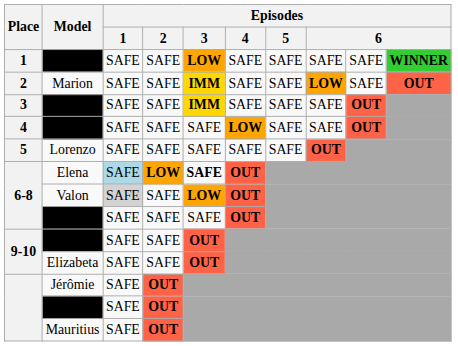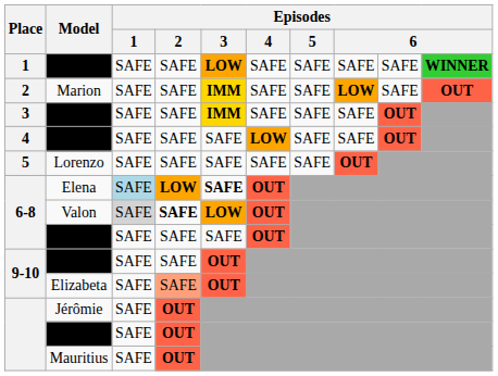 <table class="wikitable" style="text-align:center; font-size:92%">
 <tr>
 <th rowspan="2">Place</th>
 <th rowspan="2">Model</th>
 <th colspan="20">Episodes</th>
 </tr>
 <tr>
 <th>1</th>
 <th>2</th>
 <th>3</th>
 <th>4</th>
 <th>5</th>
 <th colspan="3">6</th>
 </tr>
 <tr>
 <th>1</th>
 <td style="background:black"></td>
 <td>SAFE</td>
 <td>SAFE</td>
 <td bgcolor="orange"><strong>LOW</strong></td>
 <td>SAFE</td>
 <td>SAFE</td>
 <td>SAFE</td>
 <td>SAFE</td>
 <td style="background:limegreen;"><strong>WINNER</strong></td>
 </tr>
 <tr>
 <th>2</th>
 <td>Marion</td>
 <td>SAFE</td>
 <td>SAFE</td>
 <td style="background:gold;"><strong>IMM</strong></td>
 <td>SAFE</td>
 <td>SAFE</td>
 <td bgcolor="orange"><strong>LOW</strong></td>
 <td>SAFE</td>
 <td style="background:tomato;"><strong>OUT</strong></td>
 </tr>
 <tr>
 <th>3</th>
 <td style="background:black"></td>
 <td>SAFE</td>
 <td>SAFE</td>
 <td style="background:gold;"><strong>IMM</strong></td>
 <td>SAFE</td>
 <td>SAFE</td>
 <td>SAFE</td>
 <td style="background:tomato;"><strong>OUT</strong></td>
 <td style="background:darkgrey;"></td>
 </tr>
 <tr>
 <th>4</th>
 <td style="background:black"></td>
 <td>SAFE</td>
 <td>SAFE</td>
 <td>SAFE</td>
 <td bgcolor="orange"><strong>LOW</strong></td>
 <td>SAFE</td>
 <td>SAFE</td>
 <td style="background:tomato;"><strong>OUT</strong></td>
 <td style="background:darkgrey;"></td>
 </tr>
 <tr>
 <th>5</th>
 <td>Lorenzo</td>
 <td>SAFE</td>
 <td>SAFE</td>
 <td>SAFE</td>
 <td>SAFE</td>
 <td>SAFE</td>
 <td style="background:tomato;"><strong>OUT</strong></td>
 <td colspan="25" style="background:darkgrey"></td>
 </tr>
 <tr>
 <th rowspan="3">6-8</th>
 <td>Elena</td>
 <td style="background: lightblue;">SAFE</td>
 <td bgcolor="orange"><strong>LOW</strong></td>
 <td><strong>SAFE</strong></td>
 <td style="background:tomato;"><strong>OUT</strong></td>
 <td colspan="25" style="background:darkgrey"></td>
 </tr>
 <tr>
 <td>Valon</td>
 <td style="background: lightgrey;">SAFE</td>
-<td>SAFE</td>
+<td><strong>SAFE</strong></td>
 <td bgcolor="orange"><strong>LOW</strong></td>
 <td style="background:tomato;"><strong>OUT</strong></td>
 <td colspan="25" style="background:darkgrey"></td>
 </tr>
 <tr>
 <td style="background:black"></td>
 <td>SAFE</td>
 <td>SAFE</td>
 <td>SAFE</td>
 <td style="background:tomato;"><strong>OUT</strong></td>
 <td colspan="25" style="background:darkgrey"></td>
 </tr>
 <tr>
 <th rowspan="2">9-10</th>
 <td style="background:black"></td>
 <td>SAFE</td>
 <td>SAFE</td>
 <td style="background:tomato;"><strong>OUT</strong></td>
 <td colspan="25" style="background:darkgrey"></td>
 </tr>
 <tr>
 <td>Elizabeta</td>
 <td>SAFE</td>
-<td>SAFE</td>
+<td style="background: lightsalmon;">SAFE</td>
 <td style="background:tomato;"><strong>OUT</strong></td>
 <td colspan="25" style="background:darkgrey"></td>
 </tr>
 <tr>
 <th rowspan="3"></th>
 <td>Jérômie</td>
 <td>SAFE</td>
 <td style="background:tomato;"><strong>OUT</strong></td>
 <td colspan="25" style="background:darkgrey"></td>
 </tr>
 <tr>
 <td style="background:black"></td>
 <td>SAFE</td>
 <td style="background:tomato;"><strong>OUT</strong></td>
 <td colspan="25" style="background:darkgrey"></td>
 </tr>
 <tr>
 <td>Mauritius</td>
 <td>SAFE</td>
 <td style="background:tomato;"><strong>OUT</strong></td>
 <td colspan="25" style="background:darkgrey"></td>
 </tr>
 </table>
